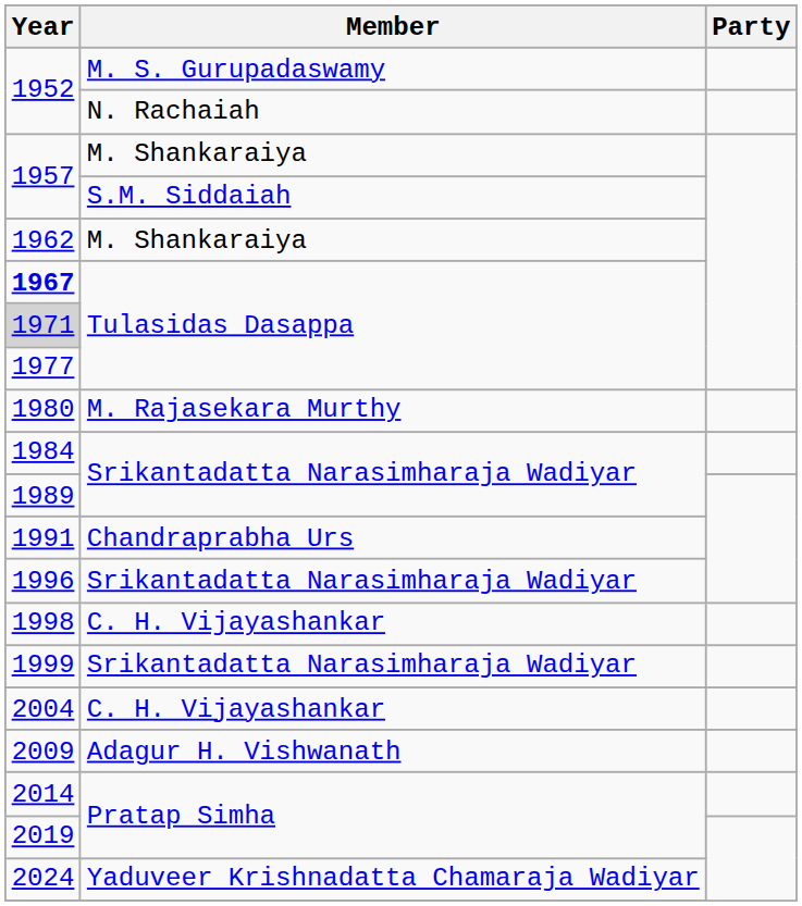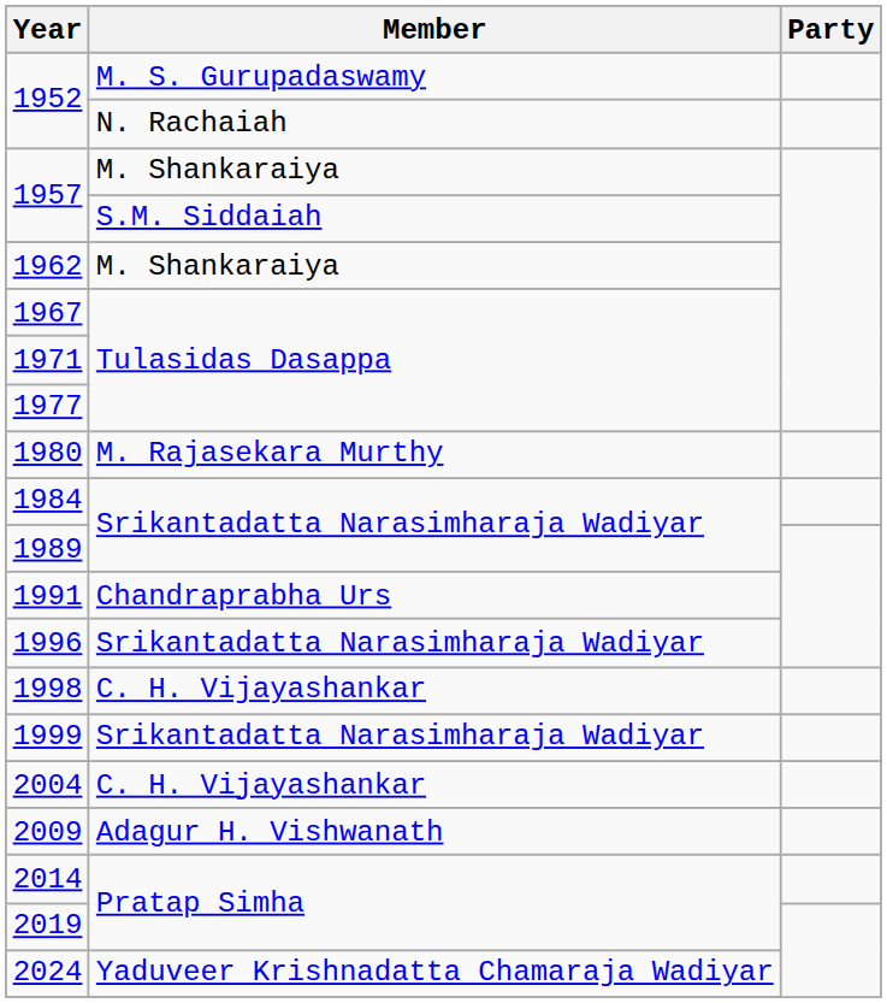 <table class="wikitable sortable">
 <tr>
 <th>Year</th>
 <th>Member</th>
 <th colspan="2">Party</th>
 </tr>
 <tr>
 <td rowspan="2"><a href='#'>1952</a></td>
 <td><a href='#'>M. S. Gurupadaswamy</a></td>
 <td></td>
 </tr>
 <tr>
 <td>N. Rachaiah</td>
 <td></td>
 </tr>
 <tr>
 <td rowspan="2"><a href='#'>1957</a></td>
 <td>M. Shankaraiya</td>
 </tr>
 <tr>
 <td><a href='#'>S.M. Siddaiah</a></td>
 </tr>
 <tr>
 <td><a href='#'>1962</a></td>
 <td>M. Shankaraiya</td>
 </tr>
 <tr>
-<td><strong><a href='#'>1967</a></strong></td>
+<td><a href='#'>1967</a></td>
 <td rowspan="3"><a href='#'>Tulasidas Dasappa</a></td>
 </tr>
 <tr>
-<td style="background: lightgrey;"><a href='#'>1971</a></td>
+<td><a href='#'>1971</a></td>
 </tr>
 <tr>
 <td><a href='#'>1977</a></td>
 </tr>
 <tr>
 <td><a href='#'>1980</a></td>
 <td><a href='#'>M. Rajasekara Murthy</a></td>
 <td></td>
 </tr>
 <tr>
 <td><a href='#'>1984</a></td>
 <td rowspan="2"><a href='#'>Srikantadatta Narasimharaja Wadiyar</a></td>
 <td></td>
 </tr>
 <tr>
 <td><a href='#'>1989</a></td>
 </tr>
 <tr>
 <td><a href='#'>1991</a></td>
 <td><a href='#'>Chandraprabha Urs</a></td>
 </tr>
 <tr>
 <td><a href='#'>1996</a></td>
 <td><a href='#'>Srikantadatta Narasimharaja Wadiyar</a></td>
 </tr>
 <tr>
 <td><a href='#'>1998</a></td>
 <td><a href='#'>C. H. Vijayashankar</a></td>
 <td></td>
 </tr>
 <tr>
 <td><a href='#'>1999</a></td>
 <td><a href='#'>Srikantadatta Narasimharaja Wadiyar</a></td>
 <td></td>
 </tr>
 <tr>
 <td><a href='#'>2004</a></td>
 <td><a href='#'>C. H. Vijayashankar</a></td>
 <td></td>
 </tr>
 <tr>
 <td><a href='#'>2009</a></td>
 <td><a href='#'>Adagur H. Vishwanath</a></td>
 <td></td>
 </tr>
 <tr>
 <td><a href='#'>2014</a></td>
 <td rowspan="2"><a href='#'>Pratap Simha</a></td>
 <td></td>
 </tr>
 <tr>
 <td><a href='#'>2019</a></td>
 </tr>
 <tr>
 <td><a href='#'>2024</a></td>
 <td><a href='#'>Yaduveer Krishnadatta Chamaraja Wadiyar</a></td>
 </tr>
 <tr>
 </tr>
 </table>
